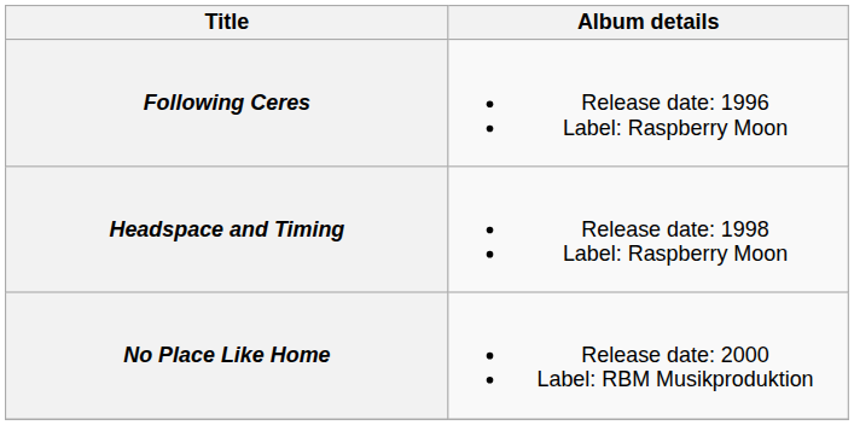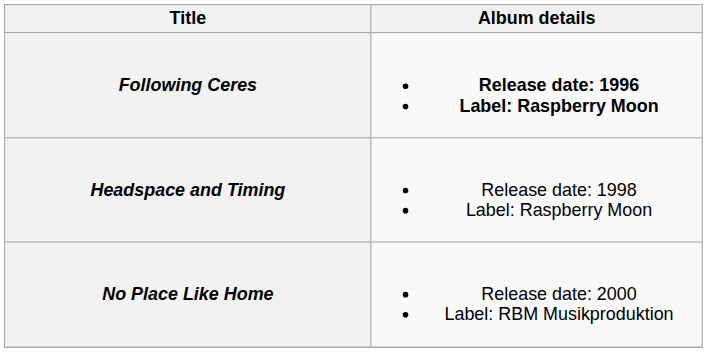 <table class="wikitable plainrowheaders" style="text-align:center;">
 <tr>
 <th style="width:20em;">Title</th>
 <th style="width:18em;">Album details</th>
 </tr>
 <tr>
 <th scope="row"><em>Following Ceres</em></th>
-<td><br><ul><li>Release date: 1996</li><li>Label: Raspberry Moon</li></ul></td>
+<td><strong><br><ul><li>Release date: 1996</li><li>Label: Raspberry Moon</li></ul></strong></td>
 </tr>
 <tr>
 <th scope="row"><em>Headspace and Timing</em></th>
 <td><br><ul><li>Release date: 1998</li><li>Label: Raspberry Moon</li></ul></td>
 </tr>
 <tr>
 <th scope="row"><em>No Place Like Home</em></th>
 <td><br><ul><li>Release date: 2000</li><li>Label: RBM Musikproduktion</li></ul></td>
 </tr>
 <tr>
 </tr>
 </table>
